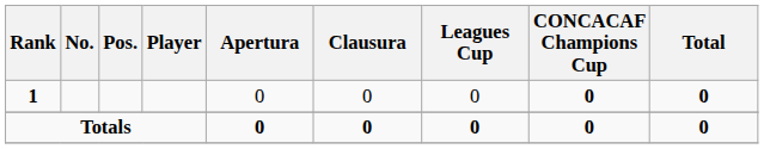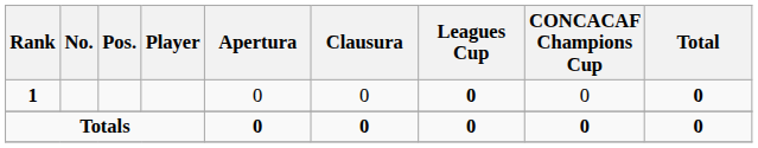 <table class="wikitable sortable alternance" style="text-align:center">
 <tr>
 <th>Rank</th>
 <th>No.</th>
 <th>Pos.</th>
 <th>Player</th>
 <th width="80">Apertura</th>
 <th width="80">Clausura</th>
 <th width="80">Leagues Cup</th>
 <th width="80">CONCACAF Champions Cup</th>
 <th width="80">Total</th>
 </tr>
 <tr>
 <td><strong>1</strong></td>
 <td></td>
 <td></td>
 <td></td>
 <td>0</td>
 <td>0</td>
+<td><strong>0</strong></td>
 <td>0</td>
-<td><strong>0</strong></td>
 <td><strong>0</strong></td>
 </tr>
 <tr>
 </tr>
 <tr class="sortbottom">
 <td colspan="4"><strong>Totals</strong></td>
 <td><strong>0</strong></td>
 <td><strong>0</strong></td>
 <td><strong>0</strong></td>
 <td><strong>0</strong></td>
 <td><strong>0</strong></td>
 </tr>
 <tr>
 </tr>
 </table>
